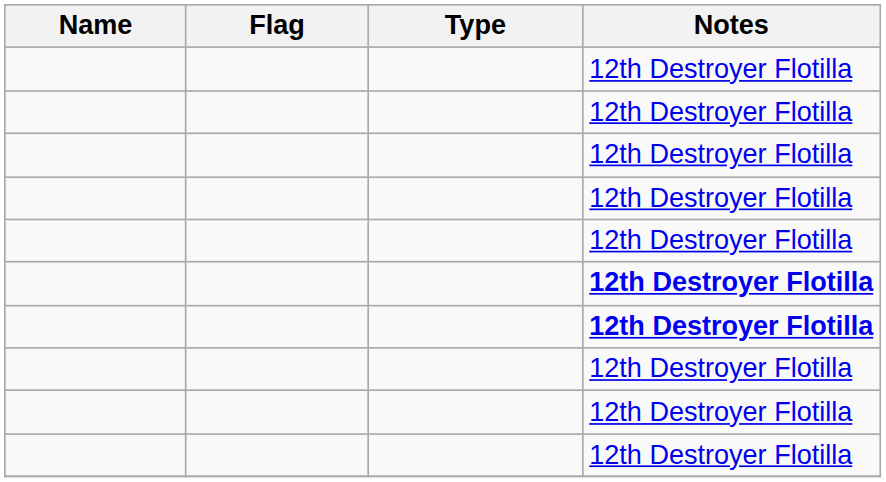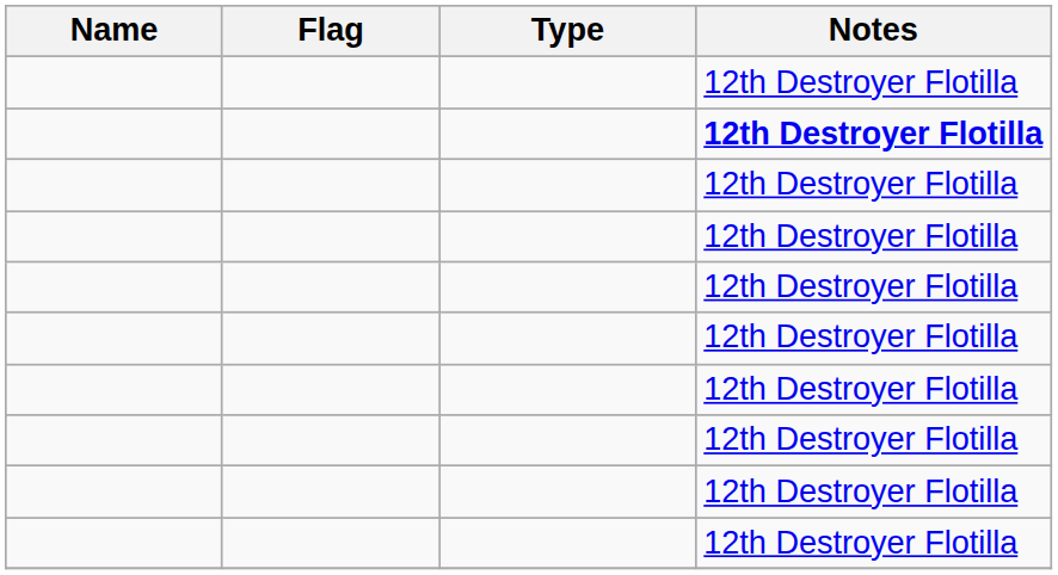 <table class="wikitable sortable">
 <tr>
 <th scope="col" width="100px">Name</th>
 <th scope="col" width="100px">Flag</th>
 <th scope="col" width="120px">Type</th>
 <th>Notes</th>
+</tr>
+<tr>
+<td align="left"></td>
+<td align="left"></td>
+<td align="left"></td>
+<td align="left"><a href='#'>12th Destroyer Flotilla</a></td>
+</tr>
+<tr>
+<td align="left"></td>
+<td align="left"></td>
+<td align="left"></td>
+<td align="left"><strong><a href='#'>12th Destroyer Flotilla</a></strong></td>
 </tr>
 <tr>
 <td align="left"></td>
 <td align="left"></td>
 <td align="left"></td>
 <td align="left"><a href='#'>12th Destroyer Flotilla</a></td>
 </tr>
 <tr>
 <td align="left"></td>
 <td align="left"></td>
 <td align="left"></td>
 <td align="left"><a href='#'>12th Destroyer Flotilla</a></td>
 </tr>
 <tr>
 <td align="left"></td>
 <td align="left"></td>
 <td align="left"></td>
 <td align="left"><a href='#'>12th Destroyer Flotilla</a></td>
 </tr>
 <tr>
 <td align="left"></td>
 <td align="left"></td>
 <td align="left"></td>
 <td align="left"><a href='#'>12th Destroyer Flotilla</a></td>
 </tr>
 <tr>
 <td align="left"></td>
 <td align="left"></td>
 <td align="left"></td>
 <td align="left"><a href='#'>12th Destroyer Flotilla</a></td>
 </tr>
 <tr>
 <td align="left"></td>
 <td align="left"></td>
 <td align="left"></td>
-<td align="left"><strong><a href='#'>12th Destroyer Flotilla</a></strong></td>
-</tr>
-<tr>
-<td align="left"></td>
-<td align="left"></td>
-<td align="left"></td>
-<td align="left"><strong><a href='#'>12th Destroyer Flotilla</a></strong></td>
-</tr>
-<tr>
-<td align="left"></td>
-<td align="left"></td>
-<td align="left"></td>
 <td align="left"><a href='#'>12th Destroyer Flotilla</a></td>
 </tr>
 <tr>
 <td align="left"></td>
 <td align="left"></td>
 <td align="left"></td>
 <td align="left"><a href='#'>12th Destroyer Flotilla</a></td>
 </tr>
 <tr>
 <td align="left"></td>
 <td align="left"></td>
 <td align="left"></td>
 <td align="left"><a href='#'>12th Destroyer Flotilla</a></td>
 </tr>
 <tr>
 </tr>
 </table>
